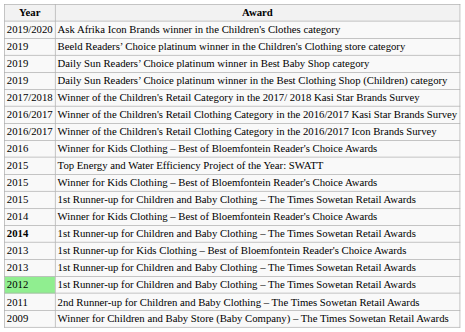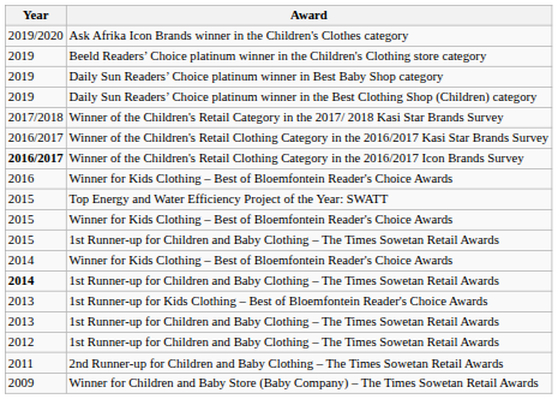 <table class="wikitable">
 <tr>
 <th>Year</th>
 <th>Award</th>
 </tr>
 <tr>
 <td>2019/2020</td>
 <td>Ask Afrika Icon Brands winner in the Children's Clothes category</td>
 </tr>
 <tr>
 <td>2019</td>
 <td>Beeld Readers’ Choice platinum winner in the Children's Clothing store category</td>
 </tr>
 <tr>
 <td>2019</td>
 <td>Daily Sun Readers’ Choice platinum winner in Best Baby Shop category</td>
 </tr>
 <tr>
 <td>2019</td>
 <td>Daily Sun Readers’ Choice platinum winner in the Best Clothing Shop (Children) category</td>
 </tr>
 <tr>
 <td>2017/2018</td>
 <td>Winner of the Children's Retail Category in the 2017/ 2018 Kasi Star Brands Survey</td>
 </tr>
 <tr>
 <td>2016/2017</td>
 <td>Winner of the Children's Retail Clothing Category in the 2016/2017 Kasi Star Brands Survey</td>
 </tr>
 <tr>
-<td>2016/2017</td>
+<td><strong>2016/2017</strong></td>
 <td>Winner of the Children's Retail Clothing Category in the 2016/2017 Icon Brands Survey</td>
 </tr>
 <tr>
 <td>2016</td>
 <td>Winner for Kids Clothing – Best of Bloemfontein Reader's Choice Awards</td>
 </tr>
 <tr>
 <td>2015</td>
 <td>Top Energy and Water Efficiency Project of the Year: SWATT</td>
 </tr>
 <tr>
 <td>2015</td>
 <td>Winner for Kids Clothing – Best of Bloemfontein Reader's Choice Awards</td>
 </tr>
 <tr>
 <td>2015</td>
 <td>1st Runner-up for Children and Baby Clothing – The Times Sowetan Retail Awards</td>
 </tr>
 <tr>
 <td>2014</td>
 <td>Winner for Kids Clothing – Best of Bloemfontein Reader's Choice Awards</td>
 </tr>
 <tr>
 <td><strong>2014</strong></td>
 <td>1st Runner-up for Children and Baby Clothing – The Times Sowetan Retail Awards</td>
 </tr>
 <tr>
 <td>2013</td>
 <td>1st Runner-up for Kids Clothing – Best of Bloemfontein Reader's Choice Awards</td>
 </tr>
 <tr>
 <td>2013</td>
 <td>1st Runner-up for Children and Baby Clothing – The Times Sowetan Retail Awards</td>
 </tr>
 <tr>
-<td style="background: lightgreen;">2012</td>
+<td>2012</td>
 <td>1st Runner-up for Children and Baby Clothing – The Times Sowetan Retail Awards</td>
 </tr>
 <tr>
 <td>2011</td>
 <td>2nd Runner-up for Children and Baby Clothing – The Times Sowetan Retail Awards</td>
 </tr>
 <tr>
 <td>2009</td>
 <td>Winner for Children and Baby Store (Baby Company) – The Times Sowetan Retail Awards</td>
 </tr>
 </table>
